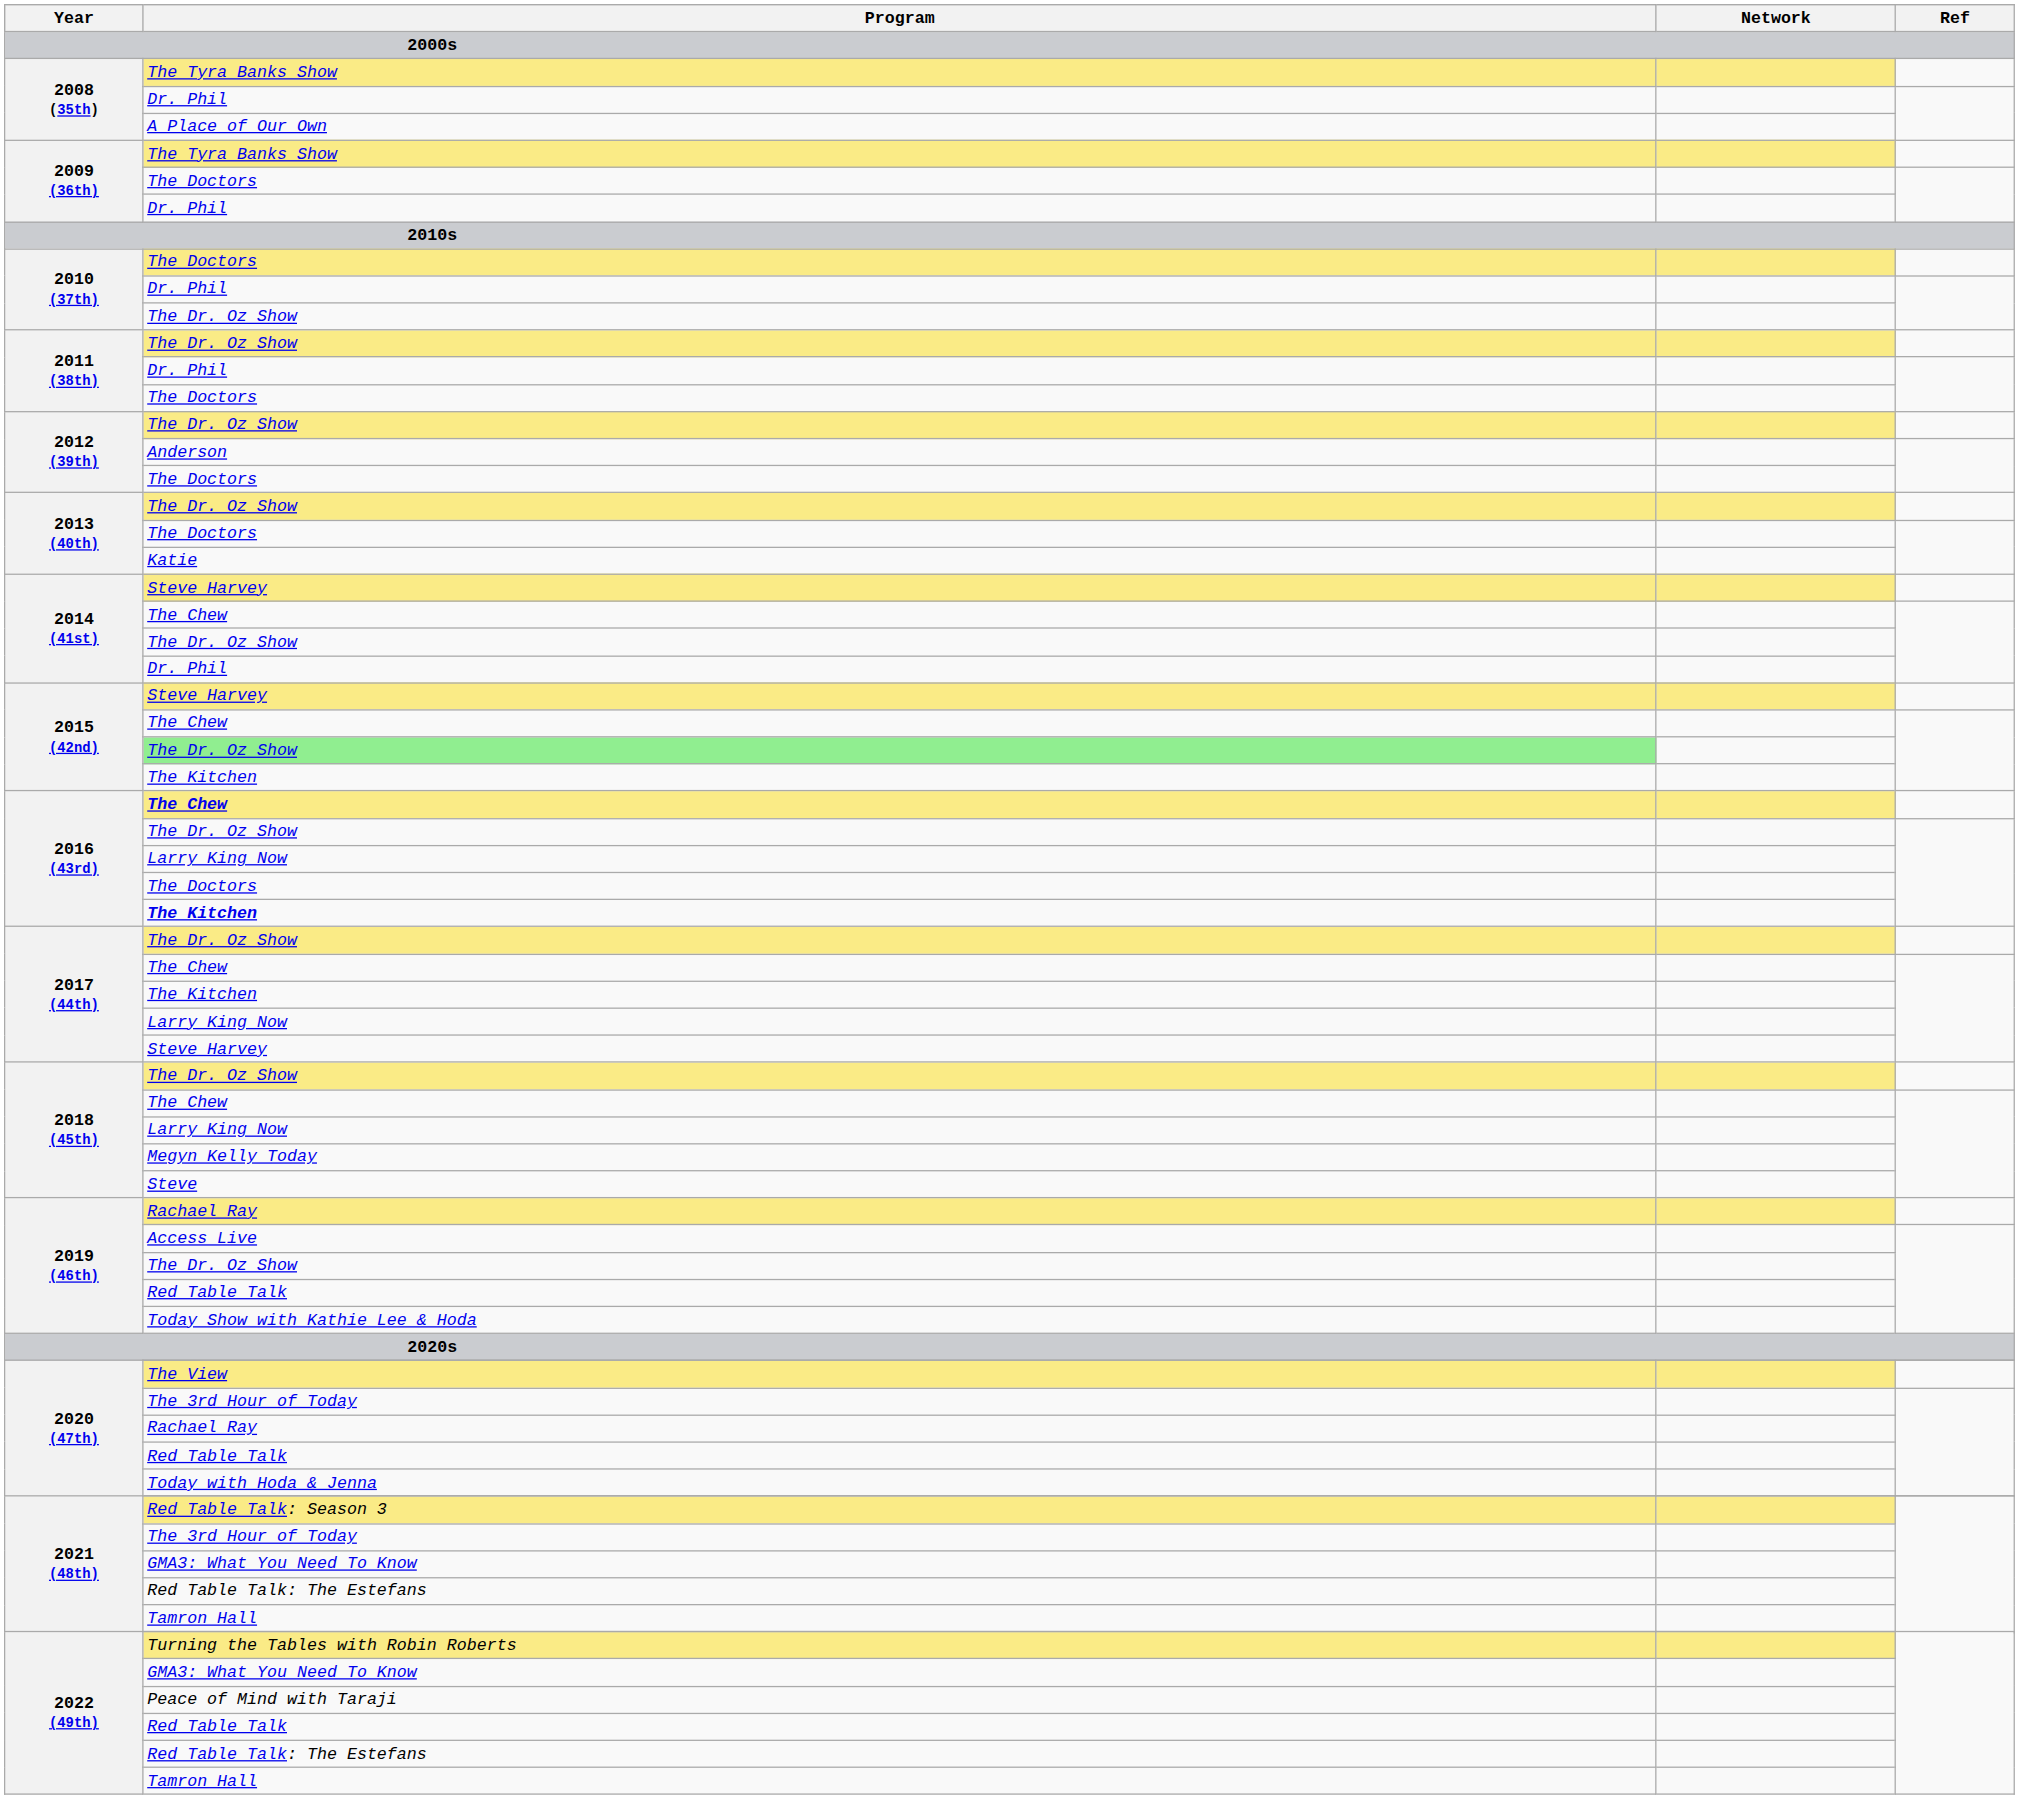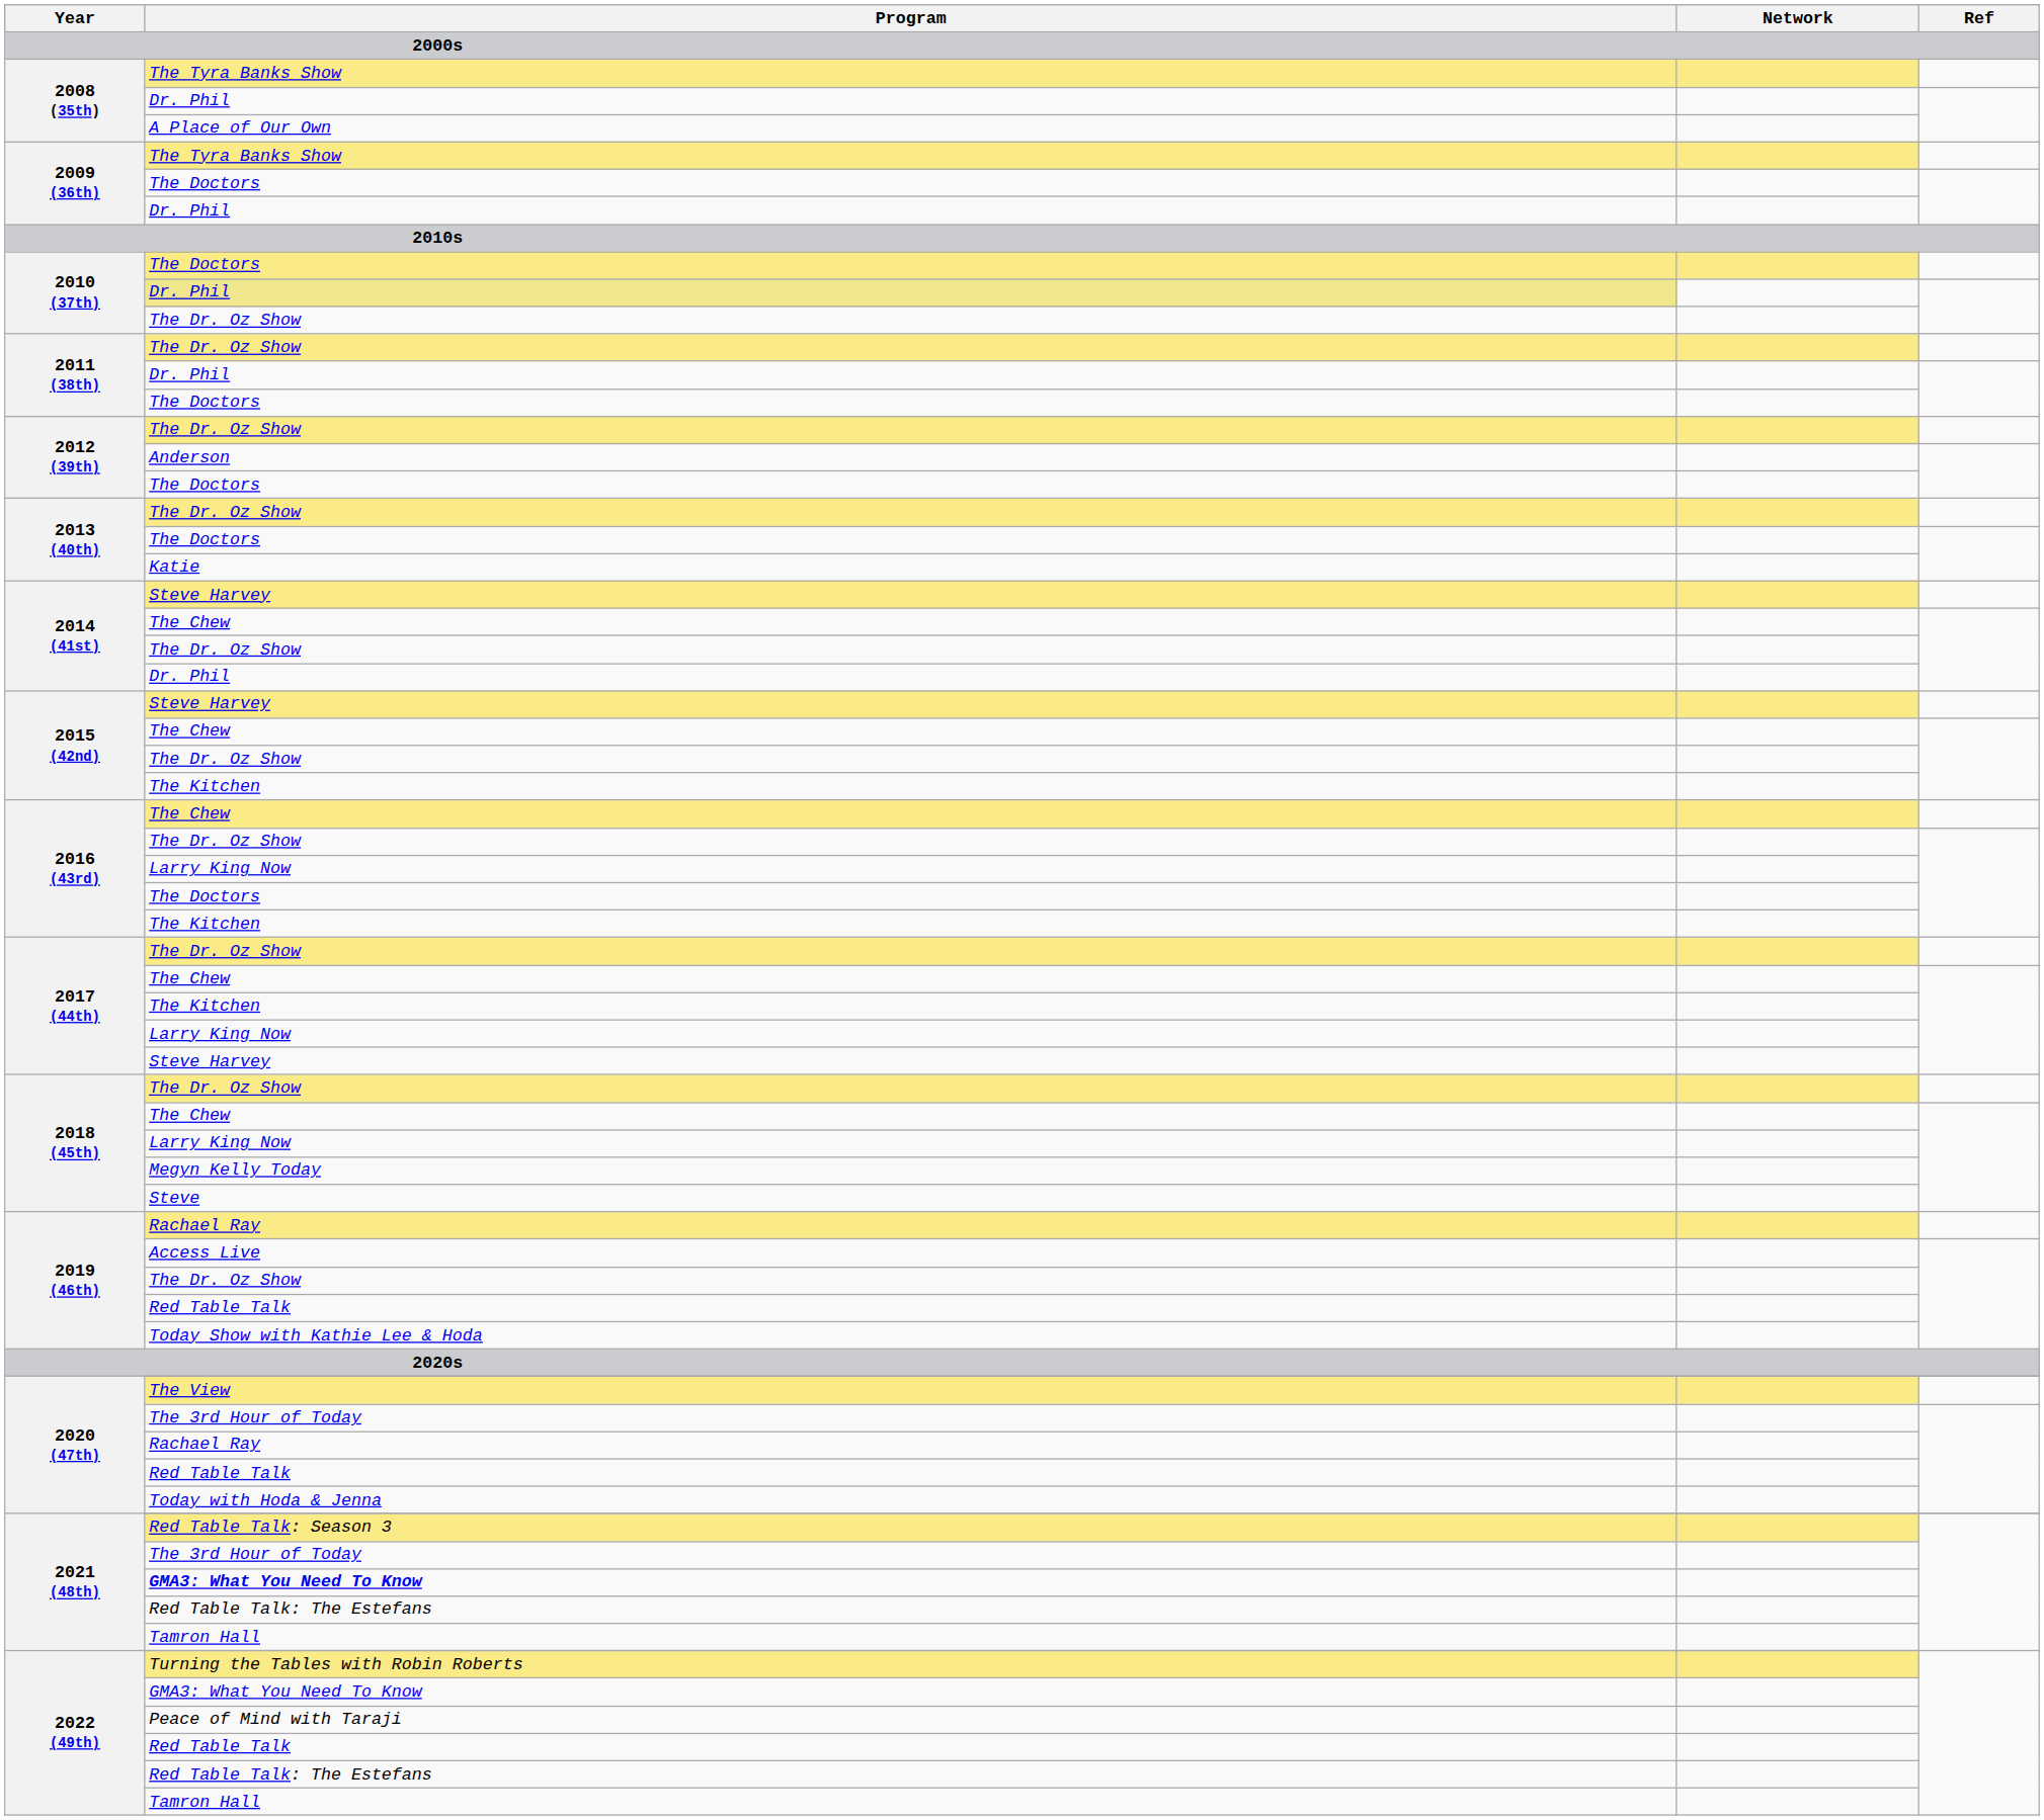 <table class="wikitable">
 <tr style="background:#bebebe;">
 <th style="width:1%;">Year</th>
 <th style="width:15%;">Program</th>
 <th style="width:2%;">Network</th>
 <th style="width:1%;">Ref</th>
 </tr>
 <tr>
 <td colspan=4 data-sort-value="ω" style="background-color:#CACCD0; font-weight:bold; padding-left:20%">2000s</td>
 </tr>
 <tr>
 <th scope="row" rowspan=3 style="text-align:center">2008 <br><small>(<a href='#'>35th</a>) </small></th>
 <td style="background:#FAEB86"><em><a href='#'>The Tyra Banks Show</a></em> </td>
 <td style="background:#FAEB86"></td>
 <td></td>
 </tr>
 <tr>
 <td><em><a href='#'>Dr. Phil</a></em></td>
 <td></td>
 <td rowspan=2 style="text-align:center;"></td>
 </tr>
 <tr>
 <td><em><a href='#'>A Place of Our Own</a></em></td>
 <td></td>
 </tr>
 <tr>
 <th scope="row" rowspan=3 style="text-align:center">2009 <br><small><a href='#'>(36th)</a></small></th>
 <td style="background:#FAEB86"><em><a href='#'>The Tyra Banks Show</a></em> </td>
 <td style="background:#FAEB86"></td>
 <td></td>
 </tr>
 <tr>
 <td><em><a href='#'>The Doctors</a></em></td>
 <td></td>
 <td rowspan=2></td>
 </tr>
 <tr>
 <td><em><a href='#'>Dr. Phil</a></em></td>
 <td></td>
 </tr>
 <tr>
 <td colspan=4 data-sort-value="ω" style="background-color:#CACCD0; font-weight:bold; padding-left:20%">2010s</td>
 </tr>
 <tr>
 <th scope="row" rowspan=3 style="text-align:center">2010 <br><small><a href='#'>(37th)</a></small></th>
 <td style="background:#FAEB86"><em><a href='#'>The Doctors</a></em> </td>
 <td style="background:#FAEB86"></td>
 <td></td>
 </tr>
 <tr>
-<td><em><a href='#'>Dr. Phil</a></em></td>
+<td style="background: khaki;"><em><a href='#'>Dr. Phil</a></em></td>
 <td></td>
 <td rowspan=2></td>
 </tr>
 <tr>
 <td><em><a href='#'>The Dr. Oz Show</a></em></td>
 <td></td>
 </tr>
 <tr>
 <th scope="row"  rowspan=3 style="text-align:center">2011 <br><small><a href='#'>(38th)</a></small></th>
 <td style="background:#FAEB86"><em><a href='#'>The Dr. Oz Show</a></em> </td>
 <td style="background:#FAEB86"></td>
 <td></td>
 </tr>
 <tr>
 <td><em><a href='#'>Dr. Phil</a></em></td>
 <td></td>
 <td rowspan=2></td>
 </tr>
 <tr>
 <td><em><a href='#'>The Doctors</a></em></td>
 <td></td>
 </tr>
 <tr>
 <th scope="row" rowspan=3 style="text-align:center">2012 <br><small><a href='#'>(39th)</a></small></th>
 <td style="background:#FAEB86"><em><a href='#'>The Dr. Oz Show</a></em> </td>
 <td style="background:#FAEB86"></td>
 <td></td>
 </tr>
 <tr>
 <td><em><a href='#'>Anderson</a></em></td>
 <td></td>
 <td rowspan=2></td>
 </tr>
 <tr>
 <td><em><a href='#'>The Doctors</a></em></td>
 <td></td>
 </tr>
 <tr>
 <th scope="row" rowspan=3 style="text-align:center">2013 <br><small><a href='#'>(40th)</a></small></th>
 <td style="background:#FAEB86"><em><a href='#'>The Dr. Oz Show</a></em> </td>
 <td style="background:#FAEB86"></td>
 <td></td>
 </tr>
 <tr>
 <td><em><a href='#'>The Doctors</a></em></td>
 <td></td>
 <td rowspan="2"></td>
 </tr>
 <tr>
 <td><em><a href='#'>Katie</a></em></td>
 <td></td>
 </tr>
 <tr>
 <th scope="row" rowspan=4 style="text-align:center">2014 <br><small><a href='#'>(41st)</a></small></th>
 <td style="background:#FAEB86"><em><a href='#'>Steve Harvey</a></em> </td>
 <td style="background:#FAEB86"></td>
 <td></td>
 </tr>
 <tr>
 <td><em><a href='#'>The Chew</a></em></td>
 <td></td>
 <td rowspan="3"></td>
 </tr>
 <tr>
 <td><em><a href='#'>The Dr. Oz Show</a></em></td>
 <td></td>
 </tr>
 <tr>
 <td><em><a href='#'>Dr. Phil</a></em></td>
 <td></td>
 </tr>
 <tr>
 <th scope="row" rowspan=4 style="text-align:center">2015 <br><small><a href='#'>(42nd)</a></small></th>
 <td style="background:#FAEB86"><em><a href='#'>Steve Harvey</a></em> </td>
 <td style="background:#FAEB86"></td>
 <td></td>
 </tr>
 <tr>
 <td><em><a href='#'>The Chew</a></em></td>
 <td></td>
 <td rowspan=3></td>
 </tr>
 <tr>
-<td style="background: lightgreen;"><em><a href='#'>The Dr. Oz Show</a></em></td>
+<td><em><a href='#'>The Dr. Oz Show</a></em></td>
 <td></td>
 </tr>
 <tr>
 <td><em><a href='#'>The Kitchen</a></em></td>
 <td></td>
 </tr>
 <tr>
 <th scope="row" rowspan=5 style="text-align:center">2016 <br><small><a href='#'>(43rd)</a></small></th>
-<td style="background:#FAEB86"><strong><em><a href='#'>The Chew</a></em> </strong></td>
+<td style="background:#FAEB86"><em><a href='#'>The Chew</a></em> </td>
 <td style="background:#FAEB86"></td>
 <td></td>
 </tr>
 <tr>
 <td><em><a href='#'>The Dr. Oz Show</a></em></td>
 <td></td>
 <td rowspan=4></td>
 </tr>
 <tr>
 <td><em><a href='#'>Larry King Now</a></em></td>
 <td></td>
 </tr>
 <tr>
 <td><em><a href='#'>The Doctors</a></em></td>
 <td></td>
 </tr>
 <tr>
-<td><strong><em><a href='#'>The Kitchen</a></em></strong></td>
+<td><em><a href='#'>The Kitchen</a></em></td>
 <td></td>
 </tr>
 <tr>
 <th scope="row" rowspan=5 style="text-align:center">2017 <br><small><a href='#'>(44th)</a></small></th>
 <td style="background:#FAEB86"><em><a href='#'>The Dr. Oz Show</a></em> </td>
 <td style="background:#FAEB86"></td>
 <td></td>
 </tr>
 <tr>
 <td><em><a href='#'>The Chew</a></em></td>
 <td></td>
 <td rowspan=4></td>
 </tr>
 <tr>
 <td><em><a href='#'>The Kitchen</a></em></td>
 <td></td>
 </tr>
 <tr>
 <td><em><a href='#'>Larry King Now</a></em></td>
 <td></td>
 </tr>
 <tr>
 <td><em><a href='#'>Steve Harvey</a></em></td>
 <td></td>
 </tr>
 <tr>
 <th scope="row" rowspan=5 style="text-align:center">2018 <br><small><a href='#'>(45th)</a></small></th>
 <td style="background:#FAEB86"><em><a href='#'>The Dr. Oz Show</a></em> </td>
 <td style="background:#FAEB86"></td>
 <td></td>
 </tr>
 <tr>
 <td><em><a href='#'>The Chew</a></em></td>
 <td></td>
 <td rowspan=4></td>
 </tr>
 <tr>
 <td><em><a href='#'>Larry King Now</a></em></td>
 <td></td>
 </tr>
 <tr>
 <td><em><a href='#'>Megyn Kelly Today</a></em></td>
 <td></td>
 </tr>
 <tr>
 <td><em><a href='#'>Steve</a></em></td>
 <td></td>
 </tr>
 <tr>
 <th scope="row" rowspan=5 style="text-align:center">2019 <br><small><a href='#'>(46th)</a></small></th>
 <td style="background:#FAEB86"><em><a href='#'>Rachael Ray</a></em> </td>
 <td style="background:#FAEB86"></td>
 <td></td>
 </tr>
 <tr>
 <td><em><a href='#'>Access Live</a></em></td>
 <td></td>
 <td rowspan=4></td>
 </tr>
 <tr>
 <td><em><a href='#'>The Dr. Oz Show</a></em></td>
 <td></td>
 </tr>
 <tr>
 <td><em><a href='#'>Red Table Talk</a></em></td>
 <td></td>
 </tr>
 <tr>
 <td><em><a href='#'>Today Show with Kathie Lee & Hoda</a></em></td>
 <td></td>
 </tr>
 <tr>
 <td colspan=4 data-sort-value="ω" style="background-color:#CACCD0; font-weight:bold; padding-left:20%">2020s</td>
 </tr>
 <tr>
 <th scope="row" rowspan=6 style="text-align:center">2020 <br><small><a href='#'>(47th)</a></small></th>
 </tr>
 <tr>
 <td style="background:#FAEB86"><em><a href='#'>The View</a></em> </td>
 <td style="background:#FAEB86"></td>
 <td></td>
 </tr>
 <tr>
 <td><em><a href='#'>The 3rd Hour of Today</a></em></td>
 <td></td>
 <td rowspan=4></td>
 </tr>
 <tr>
 <td><em><a href='#'>Rachael Ray</a></em></td>
 <td></td>
 </tr>
 <tr>
 <td><em><a href='#'>Red Table Talk</a></em></td>
 <td></td>
 </tr>
 <tr>
 <td><em><a href='#'>Today with Hoda & Jenna</a></em></td>
 <td></td>
 </tr>
 <tr>
 <th scope="row" rowspan=6 style="text-align:center">2021 <br><small><a href='#'>(48th)</a></small></th>
 </tr>
 <tr>
 <td style="background:#FAEB86"><em><a href='#'>Red Table Talk</a>: Season 3</em> </td>
 <td style="background:#FAEB86"></td>
 <td rowspan=6></td>
 </tr>
 <tr>
 <td><em><a href='#'>The 3rd Hour of Today</a></em></td>
 <td></td>
 </tr>
 <tr>
-<td><em><a href='#'>GMA3: What You Need To Know</a></em></td>
+<td><strong><em><a href='#'>GMA3: What You Need To Know</a></em></strong></td>
 <td></td>
 </tr>
 <tr>
 <td><em>Red Table Talk: The Estefans</em></td>
 <td></td>
 </tr>
 <tr>
 <td><em><a href='#'>Tamron Hall</a></em></td>
 <td></td>
 </tr>
 <tr>
 <th scope="row" rowspan=7 style="text-align:center">2022 <br><small><a href='#'>(49th)</a></small></th>
 </tr>
 <tr>
 <td style="background:#FAEB86"><em>Turning the Tables with Robin Roberts</em> </td>
 <td style="background:#FAEB86"></td>
 <td rowspan=7></td>
 </tr>
 <tr>
 <td><em><a href='#'>GMA3: What You Need To Know</a></em></td>
 <td></td>
 </tr>
 <tr>
 <td><em>Peace of Mind with Taraji</em></td>
 <td></td>
 </tr>
 <tr>
 <td><em><a href='#'>Red Table Talk</a></em></td>
 <td></td>
 </tr>
 <tr>
 <td><em><a href='#'>Red Table Talk</a>: The Estefans</em></td>
 <td></td>
 </tr>
 <tr>
 <td><em><a href='#'>Tamron Hall</a></em></td>
 <td></td>
 </tr>
 </table>
